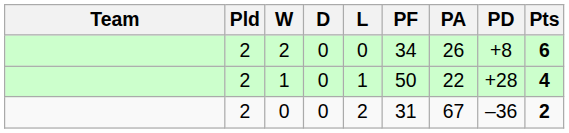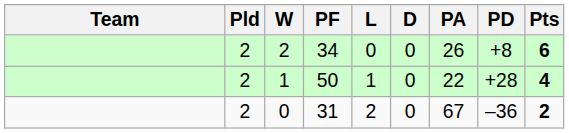 <table class="wikitable" style="text-align:center;">
 <tr>
 <th width=175>Team</th>
 <th width=25 abbr="Played">Pld</th>
 <th width=25 abbr="Won">W</th>
+<th width=32 abbr="Points for">PF</th>
+<th width=25 abbr="Lost">L</th>
 <th width=25 abbr="Drawn">D</th>
-<th width=25 abbr="Lost">L</th>
-<th width=32 abbr="Points for">PF</th>
 <th width=32 abbr="Points against">PA</th>
 <th width=32 abbr="Points difference">PD</th>
 <th width=25 abbr="Points">Pts</th>
 </tr>
 <tr bgcolor=ccffcc>
 <td align=left></td>
 <td>2</td>
 <td>2</td>
+<td>34</td>
 <td>0</td>
 <td>0</td>
-<td>34</td>
 <td>26</td>
 <td>+8</td>
 <td><strong>6</strong></td>
 </tr>
 <tr bgcolor=ccffcc>
 <td align=left></td>
 <td>2</td>
 <td>1</td>
+<td>50</td>
+<td>1</td>
 <td>0</td>
-<td>1</td>
-<td>50</td>
 <td>22</td>
 <td>+28</td>
 <td><strong>4</strong></td>
 </tr>
 <tr>
 <td align=left></td>
 <td>2</td>
 <td>0</td>
+<td>31</td>
+<td>2</td>
 <td>0</td>
-<td>2</td>
-<td>31</td>
 <td>67</td>
 <td>–36</td>
 <td><strong>2</strong></td>
 </tr>
 </table>
